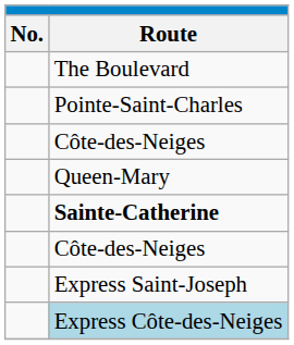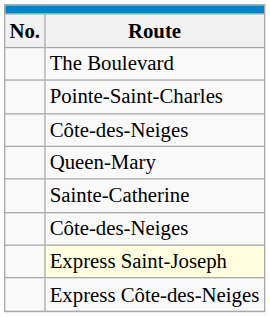 <table align=center class="wikitable">
 <tr>
 <th style="background: #0085CA; font-size:100%; color:#FFFFFF;"colspan="4"><a href='#'></a></th>
 </tr>
 <tr>
 <th>No.</th>
 <th>Route</th>
 </tr>
 <tr>
 <td></td>
 <td>The Boulevard</td>
 </tr>
 <tr>
 <td></td>
 <td>Pointe-Saint-Charles</td>
 </tr>
 <tr>
 <td {{Avoid wrap> </td>
 <td>Côte-des-Neiges</td>
 </tr>
 <tr>
 <td></td>
 <td>Queen-Mary</td>
 </tr>
 <tr>
 <td {{Avoid wrap> </td>
-<td><strong>Sainte-Catherine</strong></td>
+<td>Sainte-Catherine</td>
 </tr>
 <tr>
 <td {{Avoid wrap> </td>
 <td>Côte-des-Neiges</td>
 </tr>
 <tr>
 <td></td>
-<td>Express Saint-Joseph</td>
+<td style="background: lightyellow;">Express Saint-Joseph</td>
 </tr>
 <tr>
 <td></td>
-<td style="background: lightblue;">Express Côte-des-Neiges</td>
+<td>Express Côte-des-Neiges</td>
 </tr>
 <tr>
 </tr>
 </table>
